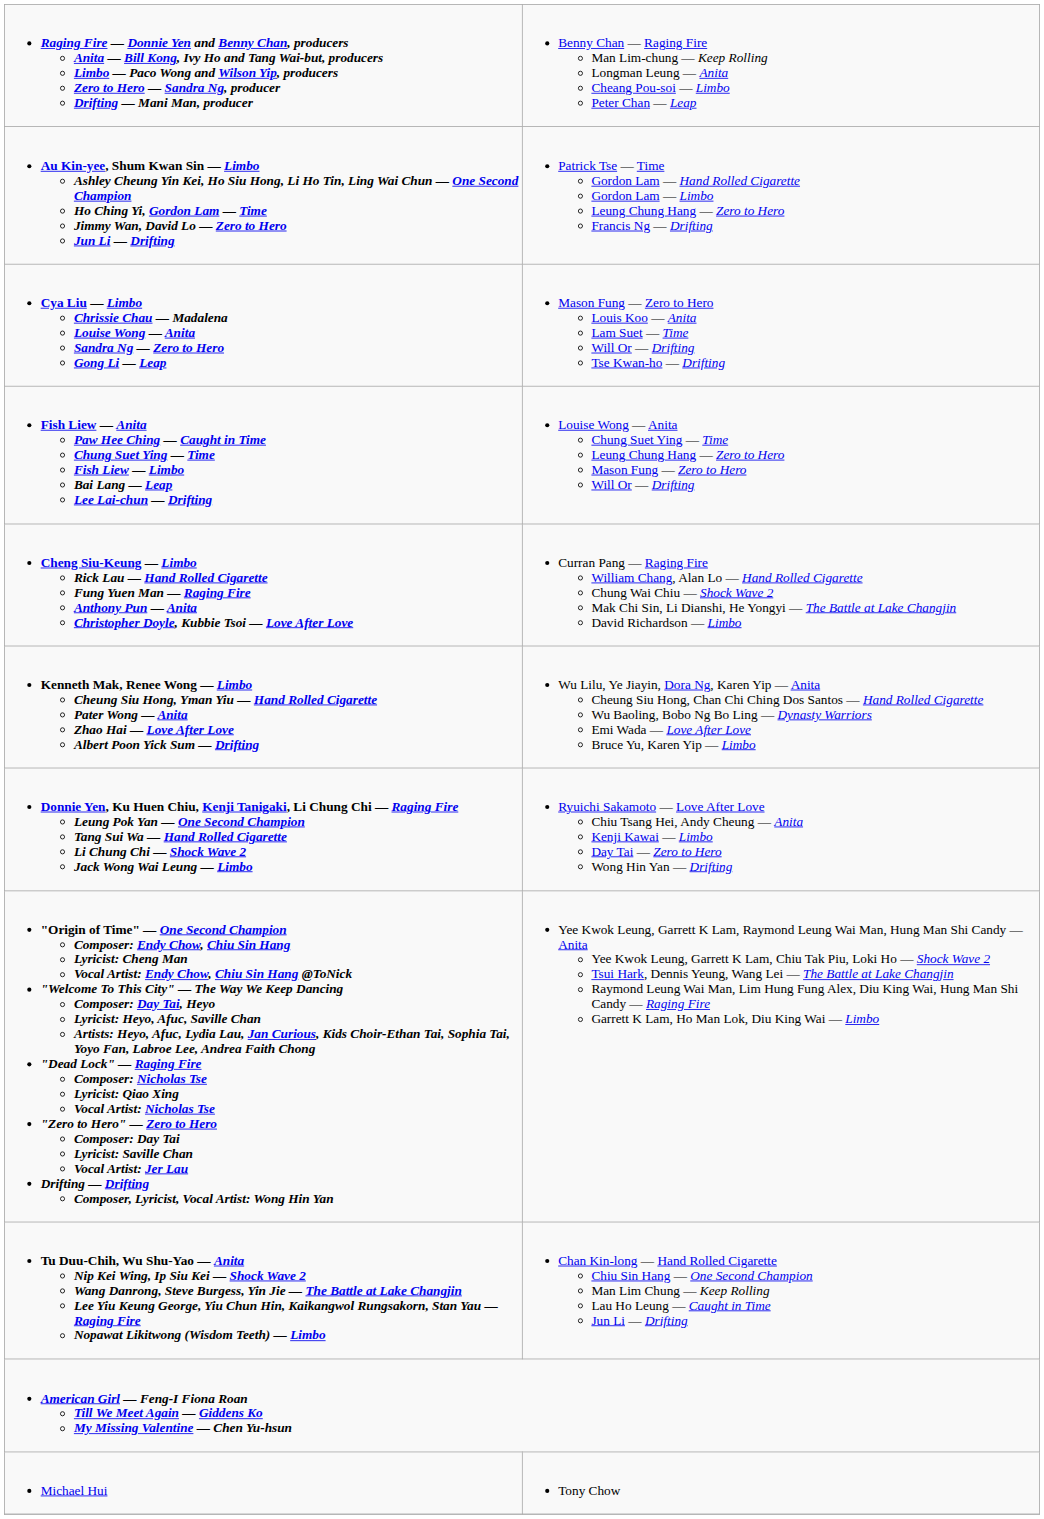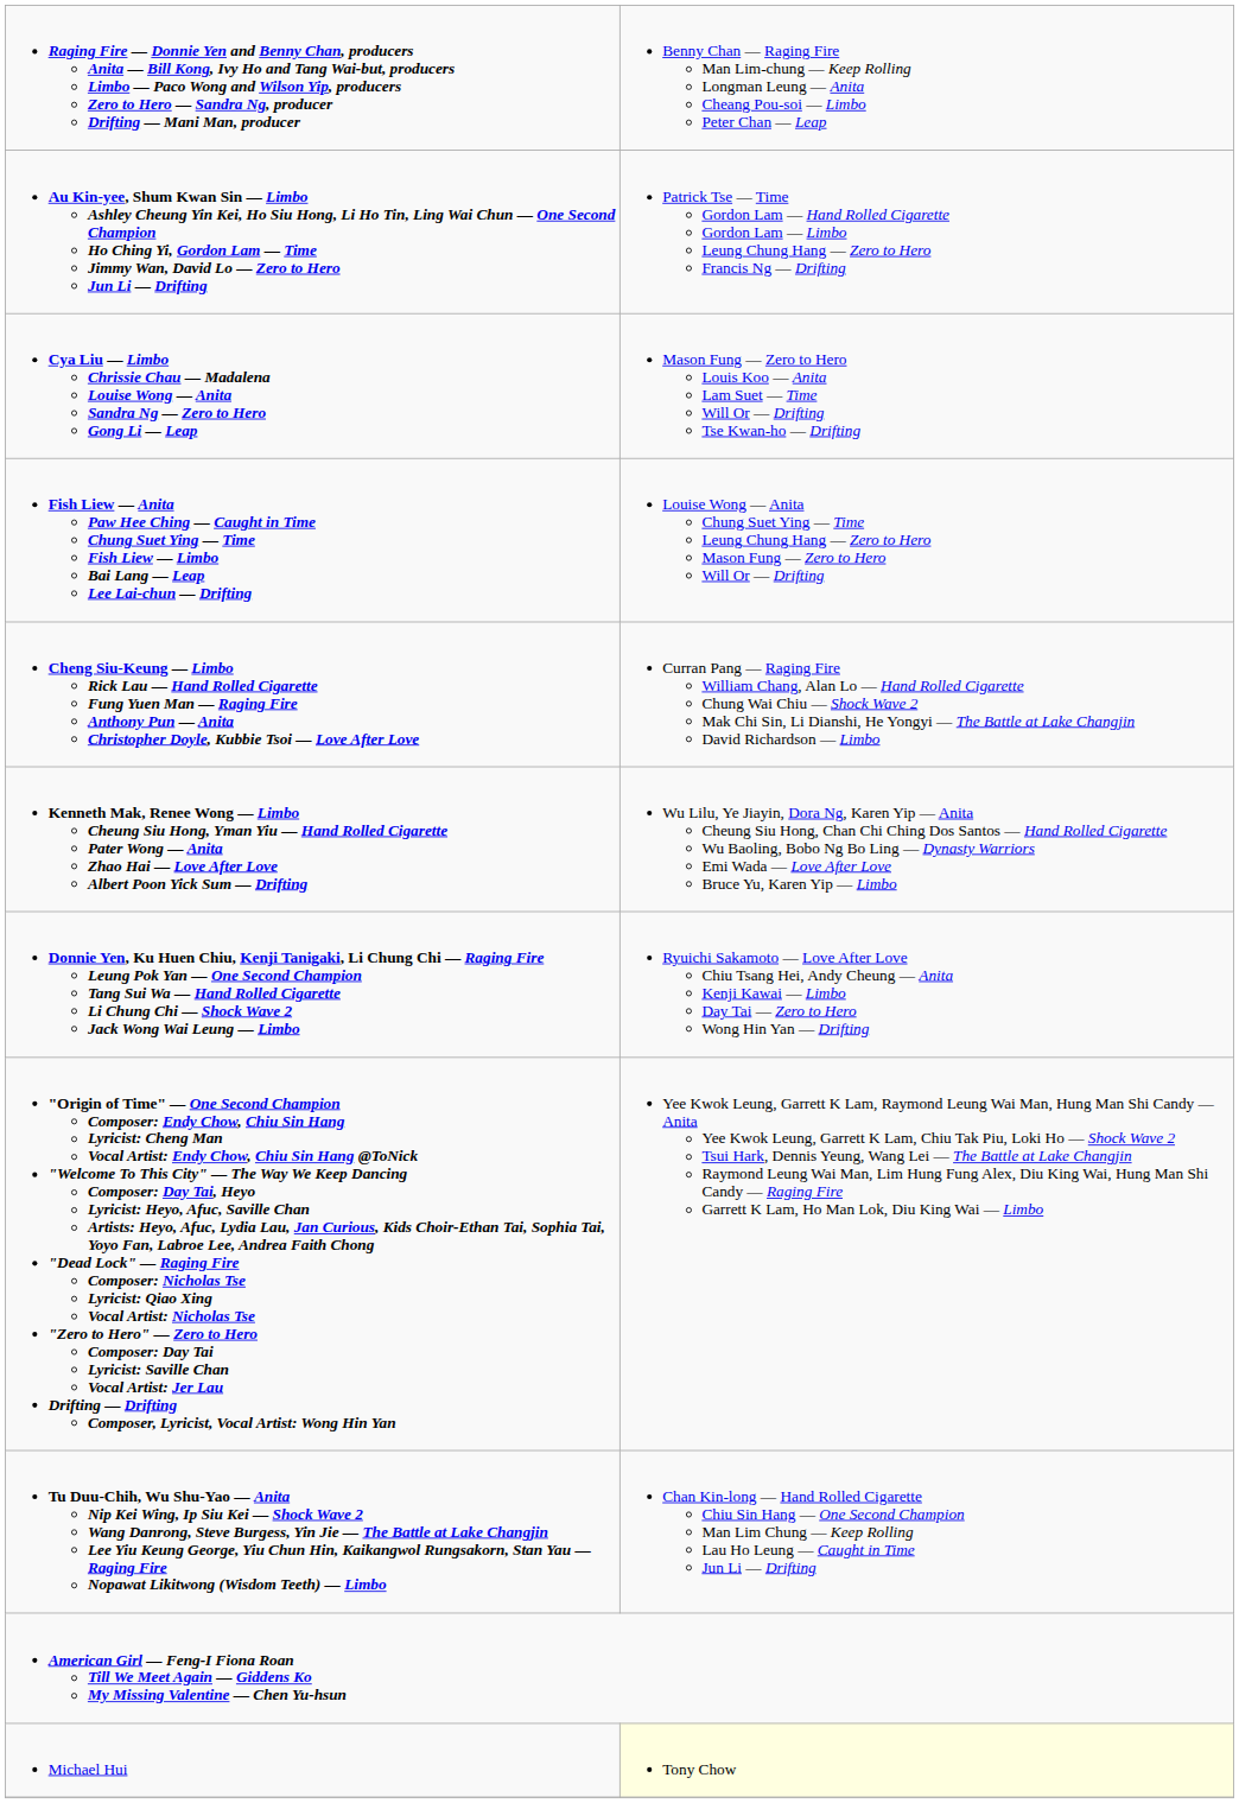 <table class=wikitable>
 <tr>
 <td valign="top" width="50%"><br><ul><li><strong><em><a href='#'>Raging Fire</a><em> — <a href='#'>Donnie Yen</a> and <a href='#'>Benny Chan</a>, producers<strong> <ul><li></em><a href='#'>Anita</a><em> — <a href='#'>Bill Kong</a>, Ivy Ho and Tang Wai-but, producers</li><li></em><a href='#'>Limbo</a><em> — Paco Wong and <a href='#'>Wilson Yip</a>, producers</li><li></em><a href='#'>Zero to Hero</a><em> — <a href='#'>Sandra Ng</a>, producer</li><li></em><a href='#'>Drifting</a><em> — Mani Man, producer</li></ul></li></ul></td>
 <td valign="top" width="50%"><br><ul><li></strong><a href='#'>Benny Chan</a> — </em><a href='#'>Raging Fire</a></em></strong><ul><li>Man Lim-chung — <em>Keep Rolling</em></li><li>Longman Leung — <em><a href='#'>Anita</a></em></li><li><a href='#'>Cheang Pou-soi</a> — <em><a href='#'>Limbo</a></em></li><li><a href='#'>Peter Chan</a> — <em><a href='#'>Leap</a></em></li></ul></li></ul></td>
 </tr>
 <tr>
 <td valign="top" width="50%"><br><ul><li><strong><a href='#'>Au Kin-yee</a>, Shum Kwan Sin — <em><a href='#'>Limbo</a><strong><em> <ul><li>Ashley Cheung Yin Kei, Ho Siu Hong, Li Ho Tin, Ling Wai Chun — </em><a href='#'>One Second Champion</a><em></li><li>Ho Ching Yi, <a href='#'>Gordon Lam</a> — </em><a href='#'>Time</a><em></li><li>Jimmy Wan, David Lo — </em><a href='#'>Zero to Hero</a><em></li><li><a href='#'>Jun Li</a> — </em><a href='#'>Drifting</a><em></li></ul></li></ul></td>
 <td valign="top" width="50%"><br><ul><li></strong><a href='#'>Patrick Tse</a> — </em><a href='#'>Time</a></em></strong> <ul><li><a href='#'>Gordon Lam</a> — <em><a href='#'>Hand Rolled Cigarette</a></em></li><li><a href='#'>Gordon Lam</a> — <em><a href='#'>Limbo</a></em></li><li><a href='#'>Leung Chung Hang</a>  — <em><a href='#'>Zero to Hero</a></em></li><li><a href='#'>Francis Ng</a> — <em><a href='#'>Drifting</a></em></li></ul></li></ul></td>
 </tr>
 <tr>
 <td valign="top" width="50%"><br><ul><li><strong><a href='#'>Cya Liu</a> — <em><a href='#'>Limbo</a><strong><em> <ul><li><a href='#'>Chrissie Chau</a> — </em>Madalena<em></li><li><a href='#'>Louise Wong</a> — </em><a href='#'>Anita</a><em></li><li><a href='#'>Sandra Ng</a> — </em><a href='#'>Zero to Hero</a><em></li><li><a href='#'>Gong Li</a>  — </em><a href='#'>Leap</a><em></li></ul></li></ul></td>
 <td valign="top" width="50%"><br><ul><li></strong><a href='#'>Mason Fung</a> — </em><a href='#'>Zero to Hero</a></em></strong> <ul><li><a href='#'>Louis Koo</a> — <em><a href='#'>Anita</a></em></li><li><a href='#'>Lam Suet</a> — <em><a href='#'>Time</a></em></li><li><a href='#'>Will Or</a> — <em><a href='#'>Drifting</a></em></li><li><a href='#'>Tse Kwan-ho</a> — <em><a href='#'>Drifting</a></em></li></ul></li></ul></td>
 </tr>
 <tr>
 <td valign="top" width="50%"><br><ul><li><strong><a href='#'>Fish Liew</a> — <em><a href='#'>Anita</a><strong><em><ul><li><a href='#'>Paw Hee Ching</a> — </em><a href='#'>Caught in Time</a><em></li><li><a href='#'>Chung Suet Ying</a> — </em><a href='#'>Time</a><em></li><li><a href='#'>Fish Liew</a> — </em><a href='#'>Limbo</a><em></li><li>Bai Lang — </em><a href='#'>Leap</a><em></li><li><a href='#'>Lee Lai-chun</a> — </em><a href='#'>Drifting</a><em></li></ul></li></ul></td>
 <td valign="top" width="50%"><br><ul><li></strong><a href='#'>Louise Wong</a> — </em><a href='#'>Anita</a></em></strong><ul><li><a href='#'>Chung Suet Ying</a> — <em><a href='#'>Time</a></em></li><li><a href='#'>Leung Chung Hang</a> — <em><a href='#'>Zero to Hero</a></em></li><li><a href='#'>Mason Fung</a> — <em><a href='#'>Zero to Hero</a></em></li><li><a href='#'>Will Or</a> — <em><a href='#'>Drifting</a></em></li></ul></li></ul></td>
 </tr>
 <tr>
 <td valign="top" width="50%"><br><ul><li><strong><a href='#'>Cheng Siu-Keung</a> — <em><a href='#'>Limbo</a><strong><em><ul><li>Rick Lau  — </em><a href='#'>Hand Rolled Cigarette</a><em></li><li>Fung Yuen Man — </em><a href='#'>Raging Fire</a><em></li><li><a href='#'>Anthony Pun</a> — </em><a href='#'>Anita</a><em></li><li><a href='#'>Christopher Doyle</a>, Kubbie Tsoi — </em><a href='#'>Love After Love</a><em></li></ul></li></ul></td>
 <td valign="top" width="50%"><br><ul><li></strong>Curran Pang — </em><a href='#'>Raging Fire</a></em></strong><ul><li><a href='#'>William Chang</a>, Alan Lo  — <em><a href='#'>Hand Rolled Cigarette</a></em></li><li>Chung Wai Chiu — <em><a href='#'>Shock Wave 2</a></em></li><li>Mak Chi Sin, Li Dianshi, He Yongyi — <em><a href='#'>The Battle at Lake Changjin</a></em></li><li>David Richardson  — <em><a href='#'>Limbo</a></em></li></ul></li></ul></td>
 </tr>
 <tr>
 <td valign="top" width="50%"><br><ul><li><strong>Kenneth Mak, Renee Wong — <em><a href='#'>Limbo</a><strong><em><ul><li>Cheung Siu Hong, Yman Yiu — </em><a href='#'>Hand Rolled Cigarette</a><em></li><li>Pater Wong — </em><a href='#'>Anita</a><em></li><li>Zhao Hai — </em><a href='#'>Love After Love</a><em></li><li>Albert Poon Yick Sum  — </em><a href='#'>Drifting</a><em></li></ul></li></ul></td>
 <td valign="top" width="50%"><br><ul><li></strong>Wu Lilu, Ye Jiayin, <a href='#'>Dora Ng</a>, Karen Yip — </em><a href='#'>Anita</a></em></strong><ul><li>Cheung Siu Hong, Chan Chi Ching Dos Santos — <em><a href='#'>Hand Rolled Cigarette</a></em></li><li>Wu Baoling, Bobo Ng Bo Ling — <em><a href='#'>Dynasty Warriors</a></em></li><li>Emi Wada — <em><a href='#'>Love After Love</a></em></li><li>Bruce Yu, Karen Yip — <em><a href='#'>Limbo</a></em></li></ul></li></ul></td>
 </tr>
 <tr>
 <td valign="top" width="50%"><br><ul><li><strong><a href='#'>Donnie Yen</a>, Ku Huen Chiu, <a href='#'>Kenji Tanigaki</a>, Li Chung Chi — <em><a href='#'>Raging Fire</a><strong><em> <ul><li>Leung Pok Yan — </em><a href='#'>One Second Champion</a><em></li><li>Tang Sui Wa — </em><a href='#'>Hand Rolled Cigarette</a><em></li><li>Li Chung Chi — </em><a href='#'>Shock Wave 2</a><em></li><li>Jack Wong Wai Leung — </em><a href='#'>Limbo</a><em></li></ul></li></ul></td>
 <td valign="top" width="50%"><br><ul><li></strong><a href='#'>Ryuichi Sakamoto</a> — </em><a href='#'>Love After Love</a></em></strong><ul><li>Chiu Tsang Hei, Andy Cheung — <em><a href='#'>Anita</a></em></li><li><a href='#'>Kenji Kawai</a> — <em><a href='#'>Limbo</a></em></li><li><a href='#'>Day Tai</a> — <em><a href='#'>Zero to Hero</a></em></li><li>Wong Hin Yan — <em><a href='#'>Drifting</a></em></li></ul></li></ul></td>
 </tr>
 <tr>
 <td valign="top" width="50%"><br><ul><li><strong>"Origin of Time" — <em><a href='#'>One Second Champion</a><strong><em><ul><li></strong>Composer: <a href='#'>Endy Chow</a>, <a href='#'>Chiu Sin Hang</a><strong></li><li></strong>Lyricist: Cheng Man<strong></li><li></strong>Vocal Artist: <a href='#'>Endy Chow</a>, <a href='#'>Chiu Sin Hang</a> @ToNick<strong></li></ul></li><li>"Welcome To This City" — </em>The Way We Keep Dancing<em><ul><li>Composer: <a href='#'>Day Tai</a>, Heyo</li><li>Lyricist: Heyo, Afuc, Saville Chan</li><li>Artists: Heyo, Afuc, Lydia Lau, <a href='#'>Jan Curious</a>, Kids Choir-Ethan Tai, Sophia Tai, Yoyo Fan, Labroe Lee, Andrea Faith Chong</li></ul></li><li>"Dead Lock" — </em><a href='#'>Raging Fire</a><em><ul><li>Composer: <a href='#'>Nicholas Tse</a></li><li>Lyricist: Qiao Xing</li><li>Vocal Artist: <a href='#'>Nicholas Tse</a></li></ul></li><li>"Zero to Hero" — </em><a href='#'>Zero to Hero</a><em><ul><li>Composer: Day Tai</li><li>Lyricist: Saville Chan</li><li>Vocal Artist: <a href='#'>Jer Lau</a></li></ul></li><li>Drifting — </em><a href='#'>Drifting</a><em><ul><li>Composer, Lyricist, Vocal Artist: Wong Hin Yan</li></ul></li></ul></td>
 <td valign="top" width="50%"><br><ul><li></strong>Yee Kwok Leung, Garrett K Lam, Raymond Leung Wai Man, Hung Man Shi Candy — </em><a href='#'>Anita</a></em></strong> <ul><li>Yee Kwok Leung, Garrett K Lam, Chiu Tak Piu, Loki Ho — <em><a href='#'>Shock Wave 2</a></em></li><li><a href='#'>Tsui Hark</a>, Dennis Yeung, Wang Lei — <em><a href='#'>The Battle at Lake Changjin</a></em></li><li>Raymond Leung Wai Man, Lim Hung Fung Alex, Diu King Wai, Hung Man Shi Candy — <em><a href='#'>Raging Fire</a></em></li><li>Garrett K Lam, Ho Man Lok, Diu King Wai — <em><a href='#'>Limbo</a></em></li></ul></li></ul></td>
 </tr>
 <tr>
 <td valign="top" width="50%"><br><ul><li><strong>Tu Duu-Chih, Wu Shu-Yao — <em><a href='#'>Anita</a><strong><em><ul><li>Nip Kei Wing, Ip Siu Kei — </em><a href='#'>Shock Wave 2</a><em></li><li>Wang Danrong, Steve Burgess, Yin Jie — </em><a href='#'>The Battle at Lake Changjin</a><em></li><li>Lee Yiu Keung George, Yiu Chun Hin, Kaikangwol Rungsakorn, Stan Yau  — </em><a href='#'>Raging Fire</a><em></li><li>Nopawat Likitwong (Wisdom Teeth) — </em><a href='#'>Limbo</a><em></li></ul></li></ul></td>
 <td valign="top" width="50%"><br><ul><li></strong><a href='#'>Chan Kin-long</a> — </em><a href='#'>Hand Rolled Cigarette</a></em></strong> <ul><li><a href='#'>Chiu Sin Hang</a> — <em><a href='#'>One Second Champion</a></em></li><li>Man Lim Chung — <em>Keep Rolling</em></li><li>Lau Ho Leung — <em><a href='#'>Caught in Time</a></em></li><li><a href='#'>Jun Li</a> — <em><a href='#'>Drifting</a></em></li></ul></li></ul></td>
 </tr>
 <tr>
 <td colspan=2 valign="top" width="50%"><br><ul><li><strong><em><a href='#'>American Girl</a><em> — Feng-I Fiona Roan <strong> <ul><li></em><a href='#'>Till We Meet Again</a><em> — <a href='#'>Giddens Ko</a> </li><li></em><a href='#'>My Missing Valentine</a><em> — Chen Yu-hsun </li></ul></li></ul></td>
 </tr>
 <tr>
 <td valign="top" width="50%"><br><ul><li></strong><a href='#'>Michael Hui</a><strong></li></ul></td>
-<td valign="top" width="50%"><br><ul><li></strong>Tony Chow<strong></li></ul></td>
+<td valign="top" width="50%" style="background: lightyellow;"><br><ul><li></strong>Tony Chow<strong></li></ul></td>
 </tr>
 <tr>
 </tr>
 </table>
